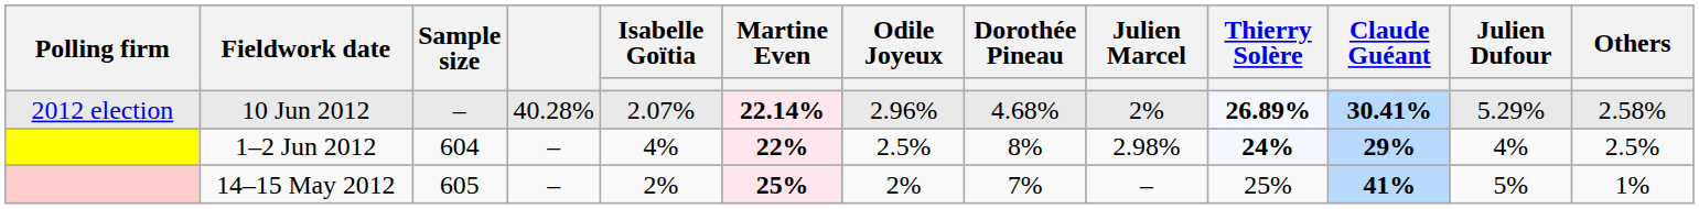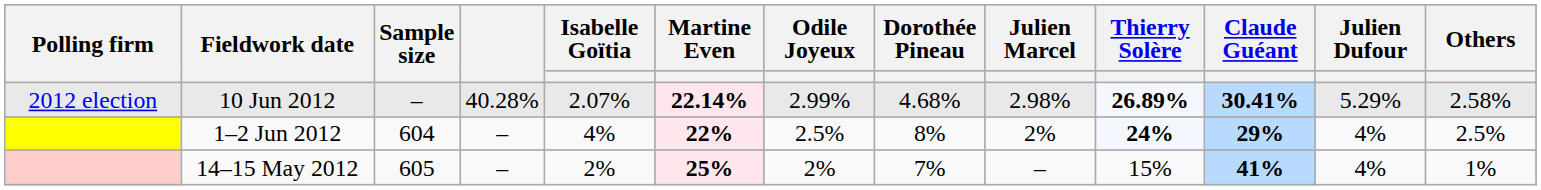 <table class="wikitable sortable" style="text-align:center;font-size:90%;line-height:14px;">
 <tr style="height:40px;">
 <th style="width:100px;" rowspan="2">Polling firm</th>
 <th style="width:110px;" rowspan="2">Fieldwork date</th>
 <th style="width:35px;" rowspan="2">Sample<br>size</th>
 <th style="width:30px;" rowspan="2"></th>
 <th class="unsortable" style="width:60px;">Isabelle Goïtia<br></th>
 <th class="unsortable" style="width:60px;">Martine Even<br></th>
 <th class="unsortable" style="width:60px;">Odile Joyeux<br></th>
 <th class="unsortable" style="width:60px;">Dorothée Pineau<br></th>
 <th class="unsortable" style="width:60px;">Julien Marcel<br></th>
 <th class="unsortable" style="width:60px;"><a href='#'>Thierry Solère</a><br></th>
 <th class="unsortable" style="width:60px;"><a href='#'>Claude Guéant</a><br></th>
 <th class="unsortable" style="width:60px;">Julien Dufour<br></th>
 <th class="unsortable" style="width:60px;">Others</th>
 </tr>
 <tr>
 <th style="background:"></th>
 <th style="background:"></th>
 <th style="background:"></th>
 <th style="background:"></th>
 <th style="background:"></th>
 <th style="background:"></th>
 <th style="background:"></th>
 <th style="background:"></th>
 <th style="background:"></th>
 </tr>
 <tr style="background:#E9E9E9;">
 <td><a href='#'>2012 election</a></td>
 <td data-sort-value="2012-06-10">10 Jun 2012</td>
 <td>–</td>
 <td>40.28%</td>
 <td>2.07%</td>
 <td style="background:#FFE6EC;"><strong>22.14%</strong></td>
-<td>2.96%</td>
+<td>2.99%</td>
 <td>4.68%</td>
-<td>2%</td>
+<td>2.98%</td>
 <td style="background:#F4F7FE;"><strong>26.89%</strong></td>
 <td style="background:#B9DAFF;"><strong>30.41%</strong></td>
 <td>5.29%</td>
 <td>2.58%</td>
 </tr>
 <tr>
 <td style="background:yellow;"></td>
 <td data-sort-value="2012-06-02">1–2 Jun 2012</td>
 <td>604</td>
 <td>–</td>
 <td>4%</td>
 <td style="background:#FFE6EC;"><strong>22%</strong></td>
 <td>2.5%</td>
 <td>8%</td>
-<td>2.98%</td>
+<td>2%</td>
 <td style="background:#F4F7FE;"><strong>24%</strong></td>
 <td style="background:#B9DAFF;"><strong>29%</strong></td>
 <td>4%</td>
 <td>2.5%</td>
 </tr>
 <tr>
 <td style="background:#FFCCCC;"></td>
 <td data-sort-value="2012-05-15">14–15 May 2012</td>
 <td>605</td>
 <td>–</td>
 <td>2%</td>
 <td style="background:#FFE6EC;"><strong>25%</strong></td>
 <td>2%</td>
 <td>7%</td>
 <td>–</td>
-<td>25%</td>
+<td>15%</td>
 <td style="background:#B9DAFF;"><strong>41%</strong></td>
-<td>5%</td>
+<td>4%</td>
 <td>1%</td>
 </tr>
 </table>
